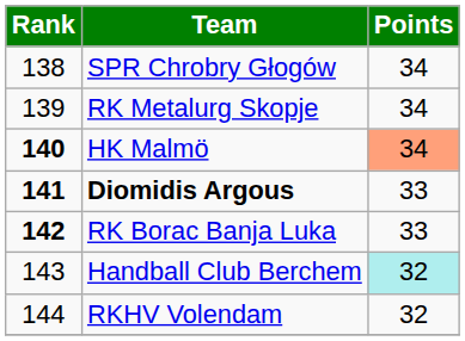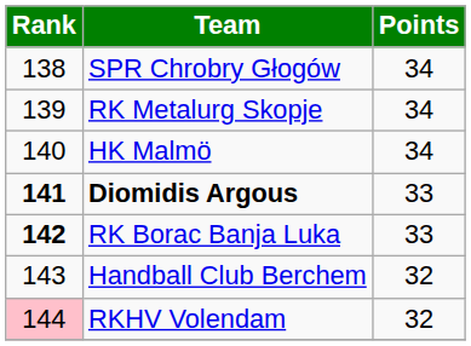 <table class="wikitable" style="text-align: center">
 <tr>
 <th style="color:#FFFFFF; background:#008000">Rank</th>
 <th style="color:#FFFFFF; background:#008000">Team</th>
 <th style="color:#FFFFFF; background:#008000">Points</th>
 </tr>
 <tr>
 <td>138</td>
 <td align=left> <a href='#'>SPR Chrobry Głogów</a></td>
 <td>34</td>
 </tr>
 <tr>
 <td>139</td>
 <td align=left> <a href='#'>RK Metalurg Skopje</a></td>
 <td>34</td>
 </tr>
 <tr>
-<td><strong>140</strong></td>
+<td>140</td>
 <td align=left> <a href='#'>HK Malmö</a></td>
-<td style="background: lightsalmon;">34</td>
+<td>34</td>
 </tr>
 <tr>
 <td><strong>141</strong></td>
 <td align=left> <strong>Diomidis Argous</strong></td>
 <td>33</td>
 </tr>
 <tr>
 <td><strong>142</strong></td>
 <td align=left> <a href='#'>RK Borac Banja Luka</a></td>
 <td>33</td>
 </tr>
 <tr>
 <td>143</td>
 <td align=left> <a href='#'>Handball Club Berchem</a></td>
-<td style="background: paleturquoise;">32</td>
+<td>32</td>
 </tr>
 <tr>
-<td>144</td>
+<td style="background: pink;">144</td>
 <td align=left> <a href='#'>RKHV Volendam</a></td>
 <td>32</td>
 </tr>
 <tr>
 </tr>
 </table>
